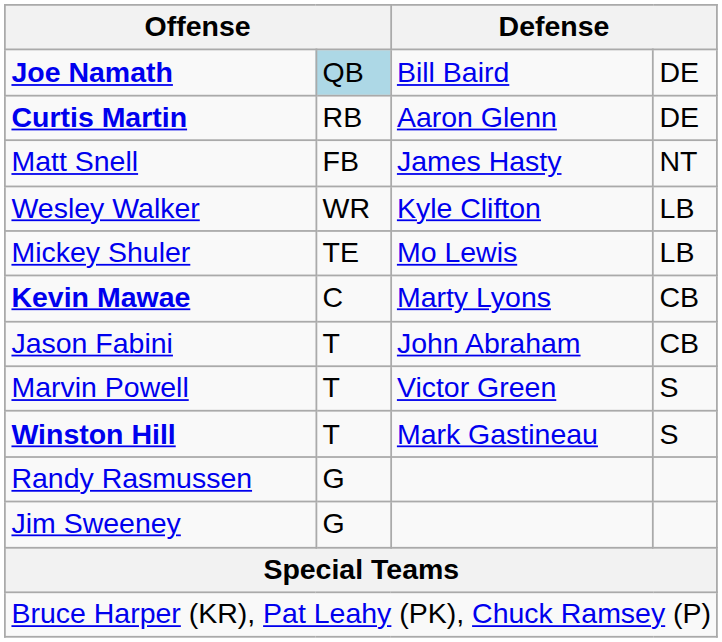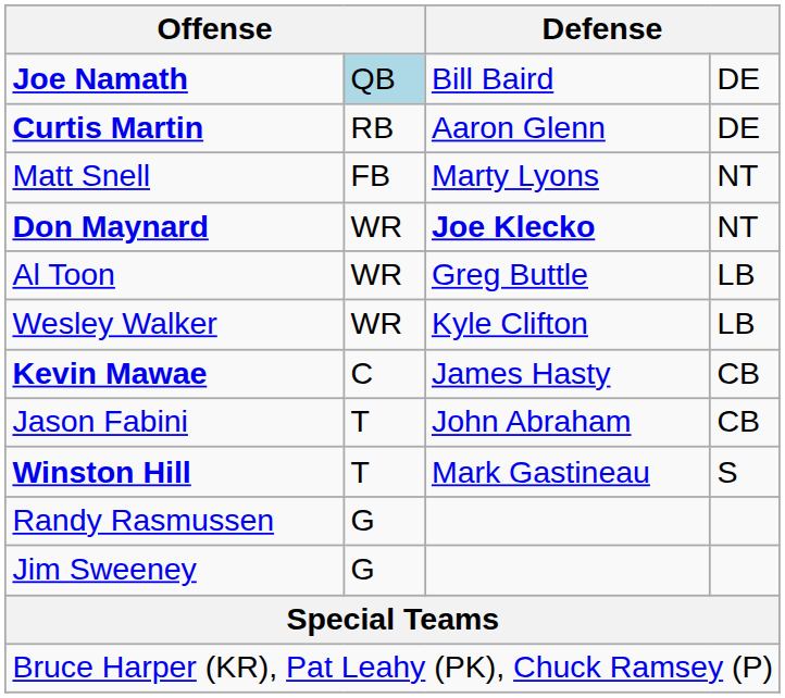 <table class="wikitable" style="text-align:left">
 <tr>
 <th colspan="2">Offense</th>
 <th colspan="2">Defense</th>
 </tr>
 <tr>
 <td><strong><a href='#'>Joe Namath</a></strong></td>
 <td style="background: lightblue;">QB</td>
 <td><a href='#'>Bill Baird</a></td>
 <td>DE</td>
 </tr>
 <tr>
 <td><strong><a href='#'>Curtis Martin</a></strong></td>
 <td>RB</td>
 <td><a href='#'>Aaron Glenn</a></td>
 <td>DE</td>
 </tr>
 <tr>
 <td><a href='#'>Matt Snell</a></td>
 <td>FB</td>
-<td><a href='#'>James Hasty</a></td>
+<td><a href='#'>Marty Lyons</a></td>
 <td>NT</td>
+</tr>
+<tr>
+<td><strong><a href='#'>Don Maynard</a></strong></td>
+<td>WR</td>
+<td><strong><a href='#'>Joe Klecko</a></strong></td>
+<td>NT</td>
+</tr>
+<tr>
+<td><a href='#'>Al Toon</a></td>
+<td>WR</td>
+<td><a href='#'>Greg Buttle</a></td>
+<td>LB</td>
 </tr>
 <tr>
 <td><a href='#'>Wesley Walker</a></td>
 <td>WR</td>
 <td><a href='#'>Kyle Clifton</a></td>
 <td>LB</td>
 </tr>
 <tr>
-<td><a href='#'>Mickey Shuler</a></td>
-<td>TE</td>
-<td><a href='#'>Mo Lewis</a></td>
-<td>LB</td>
-</tr>
-<tr>
 <td><strong><a href='#'>Kevin Mawae</a></strong></td>
 <td>C</td>
-<td><a href='#'>Marty Lyons</a></td>
+<td><a href='#'>James Hasty</a></td>
 <td>CB</td>
 </tr>
 <tr>
 <td><a href='#'>Jason Fabini</a></td>
 <td>T</td>
 <td><a href='#'>John Abraham</a></td>
 <td>CB</td>
-</tr>
-<tr>
-<td><a href='#'>Marvin Powell</a></td>
-<td>T</td>
-<td><a href='#'>Victor Green</a></td>
-<td>S</td>
 </tr>
 <tr>
 <td><strong><a href='#'>Winston Hill</a></strong></td>
 <td>T</td>
 <td><a href='#'>Mark Gastineau</a></td>
 <td>S</td>
 </tr>
 <tr>
 <td><a href='#'>Randy Rasmussen</a></td>
 <td>G</td>
 <td></td>
 <td></td>
 </tr>
 <tr>
 <td><a href='#'>Jim Sweeney</a></td>
 <td>G</td>
 <td></td>
 <td></td>
 </tr>
 <tr>
 <th colspan="4">Special Teams</th>
 </tr>
 <tr>
 <td colspan="4"><a href='#'>Bruce Harper</a> (KR), <a href='#'>Pat Leahy</a> (PK), <a href='#'>Chuck Ramsey</a> (P)</td>
 </tr>
 </table>
